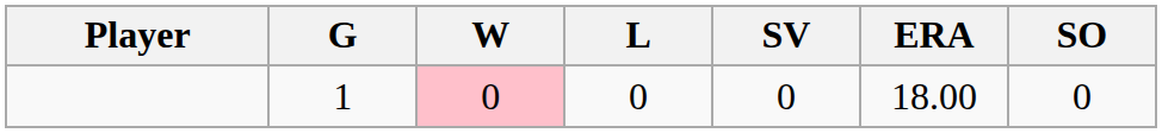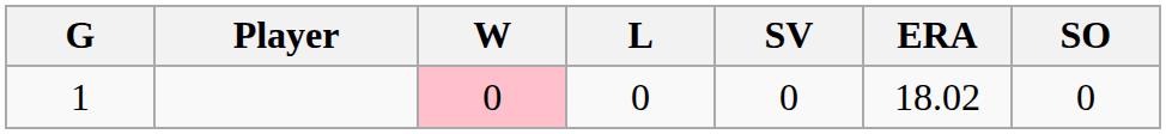 <table class="wikitable sortable">
 <tr>
+<th bgcolor="#DDDDFF" width="9%">G</th>
 <th bgcolor="#DDDDFF" width="16%">Player</th>
-<th bgcolor="#DDDDFF" width="9%">G</th>
 <th bgcolor="#DDDDFF" width="9%">W</th>
 <th bgcolor="#DDDDFF" width="9%">L</th>
 <th bgcolor="#DDDDFF" width="9%">SV</th>
 <th bgcolor="#DDDDFF" width="9%">ERA</th>
 <th bgcolor="#DDDDFF" width="9%">SO</th>
 </tr>
 <tr align="center">
+<td>1</td>
 <td></td>
-<td>1</td>
 <td style="background: pink;">0</td>
 <td>0</td>
 <td>0</td>
-<td>18.00</td>
+<td>18.02</td>
 <td>0</td>
 </tr>
 </table>
